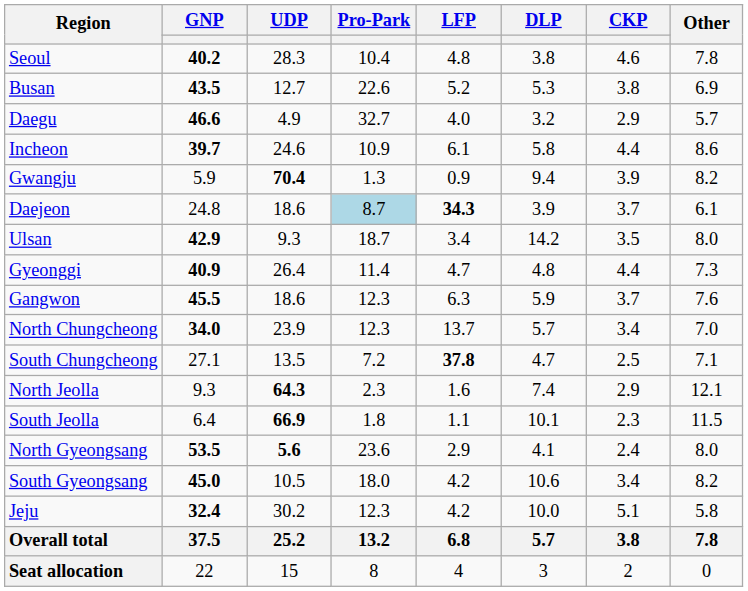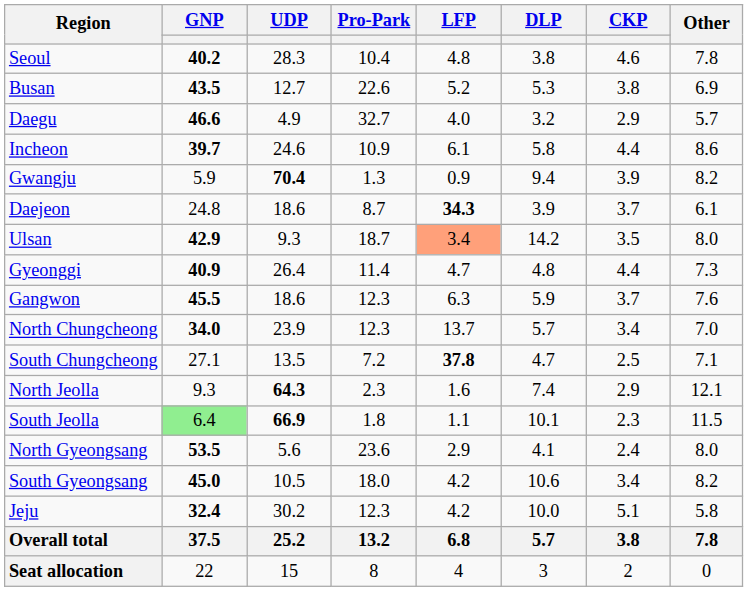 <table class="wikitable nowrap sortable" style="text-align:center; font-size:90%">
 <tr>
 <th rowspan="2">Region</th>
 <th style="width:60px" class="unsortable"><a href='#'>GNP</a></th>
 <th style="width:60px" class="unsortable"><a href='#'>UDP</a></th>
 <th style="width:60px" class="unsortable"><a href='#'>Pro-Park</a></th>
 <th style="width:60px" class="unsortable"><a href='#'>LFP</a></th>
 <th style="width:60px" class="unsortable"><a href='#'>DLP</a></th>
 <th style="width:60px" class="unsortable"><a href='#'>CKP</a></th>
 <th rowspan="2" style="width:50px" class="unsortable">Other</th>
 </tr>
 <tr>
 <th style="background:"></th>
 <th style="background:"></th>
 <th style="background:"></th>
 <th style="background:"></th>
 <th style="background:"></th>
 <th style="background:"></th>
 </tr>
 <tr>
 <td style="text-align:left"><a href='#'>Seoul</a></td>
 <td><strong>40.2</strong></td>
 <td>28.3</td>
 <td>10.4</td>
 <td>4.8</td>
 <td>3.8</td>
 <td>4.6</td>
 <td>7.8</td>
 </tr>
 <tr>
 <td style="text-align:left"><a href='#'>Busan</a></td>
 <td><strong>43.5</strong></td>
 <td>12.7</td>
 <td>22.6</td>
 <td>5.2</td>
 <td>5.3</td>
 <td>3.8</td>
 <td>6.9</td>
 </tr>
 <tr>
 <td style="text-align:left"><a href='#'>Daegu</a></td>
 <td><strong>46.6</strong></td>
 <td>4.9</td>
 <td>32.7</td>
 <td>4.0</td>
 <td>3.2</td>
 <td>2.9</td>
 <td>5.7</td>
 </tr>
 <tr>
 <td style="text-align:left"><a href='#'>Incheon</a></td>
 <td><strong>39.7</strong></td>
 <td>24.6</td>
 <td>10.9</td>
 <td>6.1</td>
 <td>5.8</td>
 <td>4.4</td>
 <td>8.6</td>
 </tr>
 <tr>
 <td style="text-align:left"><a href='#'>Gwangju</a></td>
 <td>5.9</td>
 <td><strong>70.4</strong></td>
 <td>1.3</td>
 <td>0.9</td>
 <td>9.4</td>
 <td>3.9</td>
 <td>8.2</td>
 </tr>
 <tr>
 <td style="text-align:left"><a href='#'>Daejeon</a></td>
 <td>24.8</td>
 <td>18.6</td>
-<td style="background: lightblue;">8.7</td>
+<td>8.7</td>
 <td><strong>34.3</strong></td>
 <td>3.9</td>
 <td>3.7</td>
 <td>6.1</td>
 </tr>
 <tr>
 <td style="text-align:left"><a href='#'>Ulsan</a></td>
 <td><strong>42.9</strong></td>
 <td>9.3</td>
 <td>18.7</td>
-<td>3.4</td>
+<td style="background: lightsalmon;">3.4</td>
 <td>14.2</td>
 <td>3.5</td>
 <td>8.0</td>
 </tr>
 <tr>
 <td style="text-align:left"><a href='#'>Gyeonggi</a></td>
 <td><strong>40.9</strong></td>
 <td>26.4</td>
 <td>11.4</td>
 <td>4.7</td>
 <td>4.8</td>
 <td>4.4</td>
 <td>7.3</td>
 </tr>
 <tr>
 <td style="text-align:left"><a href='#'>Gangwon</a></td>
 <td><strong>45.5</strong></td>
 <td>18.6</td>
 <td>12.3</td>
 <td>6.3</td>
 <td>5.9</td>
 <td>3.7</td>
 <td>7.6</td>
 </tr>
 <tr>
 <td style="text-align:left" data-sort-value="Chungcheong N"><a href='#'>North Chungcheong</a></td>
 <td><strong>34.0</strong></td>
 <td>23.9</td>
 <td>12.3</td>
 <td>13.7</td>
 <td>5.7</td>
 <td>3.4</td>
 <td>7.0</td>
 </tr>
 <tr>
 <td style="text-align:left" data-sort-value="Chungcheong S"><a href='#'>South Chungcheong</a></td>
 <td>27.1</td>
 <td>13.5</td>
 <td>7.2</td>
 <td><strong>37.8</strong></td>
 <td>4.7</td>
 <td>2.5</td>
 <td>7.1</td>
 </tr>
 <tr>
 <td style="text-align:left" data-sort-value="Jeolla N"><a href='#'>North Jeolla</a></td>
 <td>9.3</td>
 <td><strong>64.3</strong></td>
 <td>2.3</td>
 <td>1.6</td>
 <td>7.4</td>
 <td>2.9</td>
 <td>12.1</td>
 </tr>
 <tr>
 <td style="text-align:left" data-sort-value="Jeolla S"><a href='#'>South Jeolla</a></td>
-<td>6.4</td>
+<td style="background: lightgreen;">6.4</td>
 <td><strong>66.9</strong></td>
 <td>1.8</td>
 <td>1.1</td>
 <td>10.1</td>
 <td>2.3</td>
 <td>11.5</td>
 </tr>
 <tr>
 <td style="text-align:left" data-sort-value="Gyeongsang N"><a href='#'>North Gyeongsang</a></td>
 <td><strong>53.5</strong></td>
-<td><strong>5.6</strong></td>
+<td>5.6</td>
 <td>23.6</td>
 <td>2.9</td>
 <td>4.1</td>
 <td>2.4</td>
 <td>8.0</td>
 </tr>
 <tr>
 <td style="text-align:left" data-sort-value="Gyeongsang S"><a href='#'>South Gyeongsang</a></td>
 <td><strong>45.0</strong></td>
 <td>10.5</td>
 <td>18.0</td>
 <td>4.2</td>
 <td>10.6</td>
 <td>3.4</td>
 <td>8.2</td>
 </tr>
 <tr>
 <td style="text-align:left"><a href='#'>Jeju</a></td>
 <td><strong>32.4</strong></td>
 <td>30.2</td>
 <td>12.3</td>
 <td>4.2</td>
 <td>10.0</td>
 <td>5.1</td>
 <td>5.8</td>
 </tr>
 <tr class="sortbottom">
 <th style="text-align:left">Overall total</th>
 <th>37.5</th>
 <th>25.2</th>
 <th>13.2</th>
 <th>6.8</th>
 <th>5.7</th>
 <th>3.8</th>
 <th>7.8</th>
 </tr>
 <tr class="sortbottom">
 <th style="text-align:left">Seat allocation</th>
 <td>22</td>
 <td>15</td>
 <td>8</td>
 <td>4</td>
 <td>3</td>
 <td>2</td>
 <td>0</td>
 </tr>
 </table>
